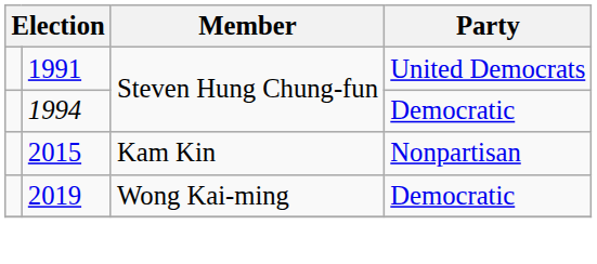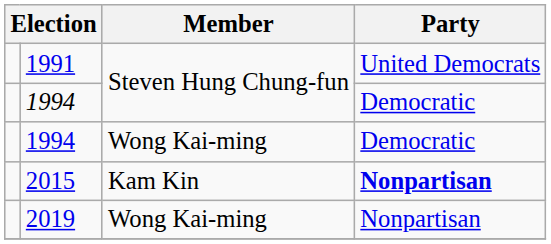 <table class="wikitable">
 <tr>
 <th colspan="2">Election</th>
 <th>Member</th>
 <th>Party</th>
 </tr>
 <tr>
 <td style="background-color:"></td>
 <td><a href='#'>1991</a></td>
 <td rowspan=2>Steven Hung Chung-fun</td>
 <td><a href='#'>United Democrats</a></td>
 </tr>
 <tr>
 <td style="background-color:"></td>
 <td><em>1994</em></td>
 <td><a href='#'>Democratic</a></td>
 </tr>
 <tr>
 <td style="background-color:"></td>
+<td><a href='#'>1994</a></td>
+<td>Wong Kai-ming</td>
+<td><a href='#'>Democratic</a></td>
+</tr>
+<tr>
+<td style="background-color:"></td>
 <td><a href='#'>2015</a></td>
 <td>Kam Kin</td>
-<td><a href='#'>Nonpartisan</a></td>
+<td><strong><a href='#'>Nonpartisan</a></strong></td>
 </tr>
 <tr>
 <td style="background-color:"></td>
 <td><a href='#'>2019</a></td>
 <td>Wong Kai-ming</td>
-<td><a href='#'>Democratic</a></td>
+<td><a href='#'>Nonpartisan</a></td>
 </tr>
 <tr>
 </tr>
 </table>
